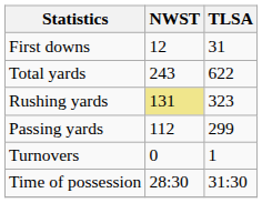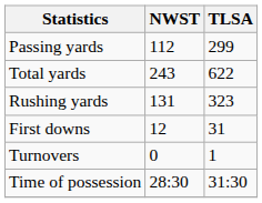 <table class="wikitable" style="float: left;">
 <tr>
 <th>Statistics</th>
 <th>NWST</th>
 <th>TLSA</th>
 </tr>
 <tr>
-<td>First downs</td>
-<td>12</td>
-<td>31</td>
+<td>Passing yards</td>
+<td>112</td>
+<td>299</td>
 </tr>
 <tr>
 <td>Total yards</td>
 <td>243</td>
 <td>622</td>
 </tr>
 <tr>
 <td>Rushing yards</td>
-<td style="background: khaki;">131</td>
+<td>131</td>
 <td>323</td>
 </tr>
 <tr>
-<td>Passing yards</td>
-<td>112</td>
-<td>299</td>
+<td>First downs</td>
+<td>12</td>
+<td>31</td>
 </tr>
 <tr>
 <td>Turnovers</td>
 <td>0</td>
 <td>1</td>
 </tr>
 <tr>
 <td>Time of possession</td>
 <td>28:30</td>
 <td>31:30</td>
 </tr>
 <tr>
 </tr>
 </table>
